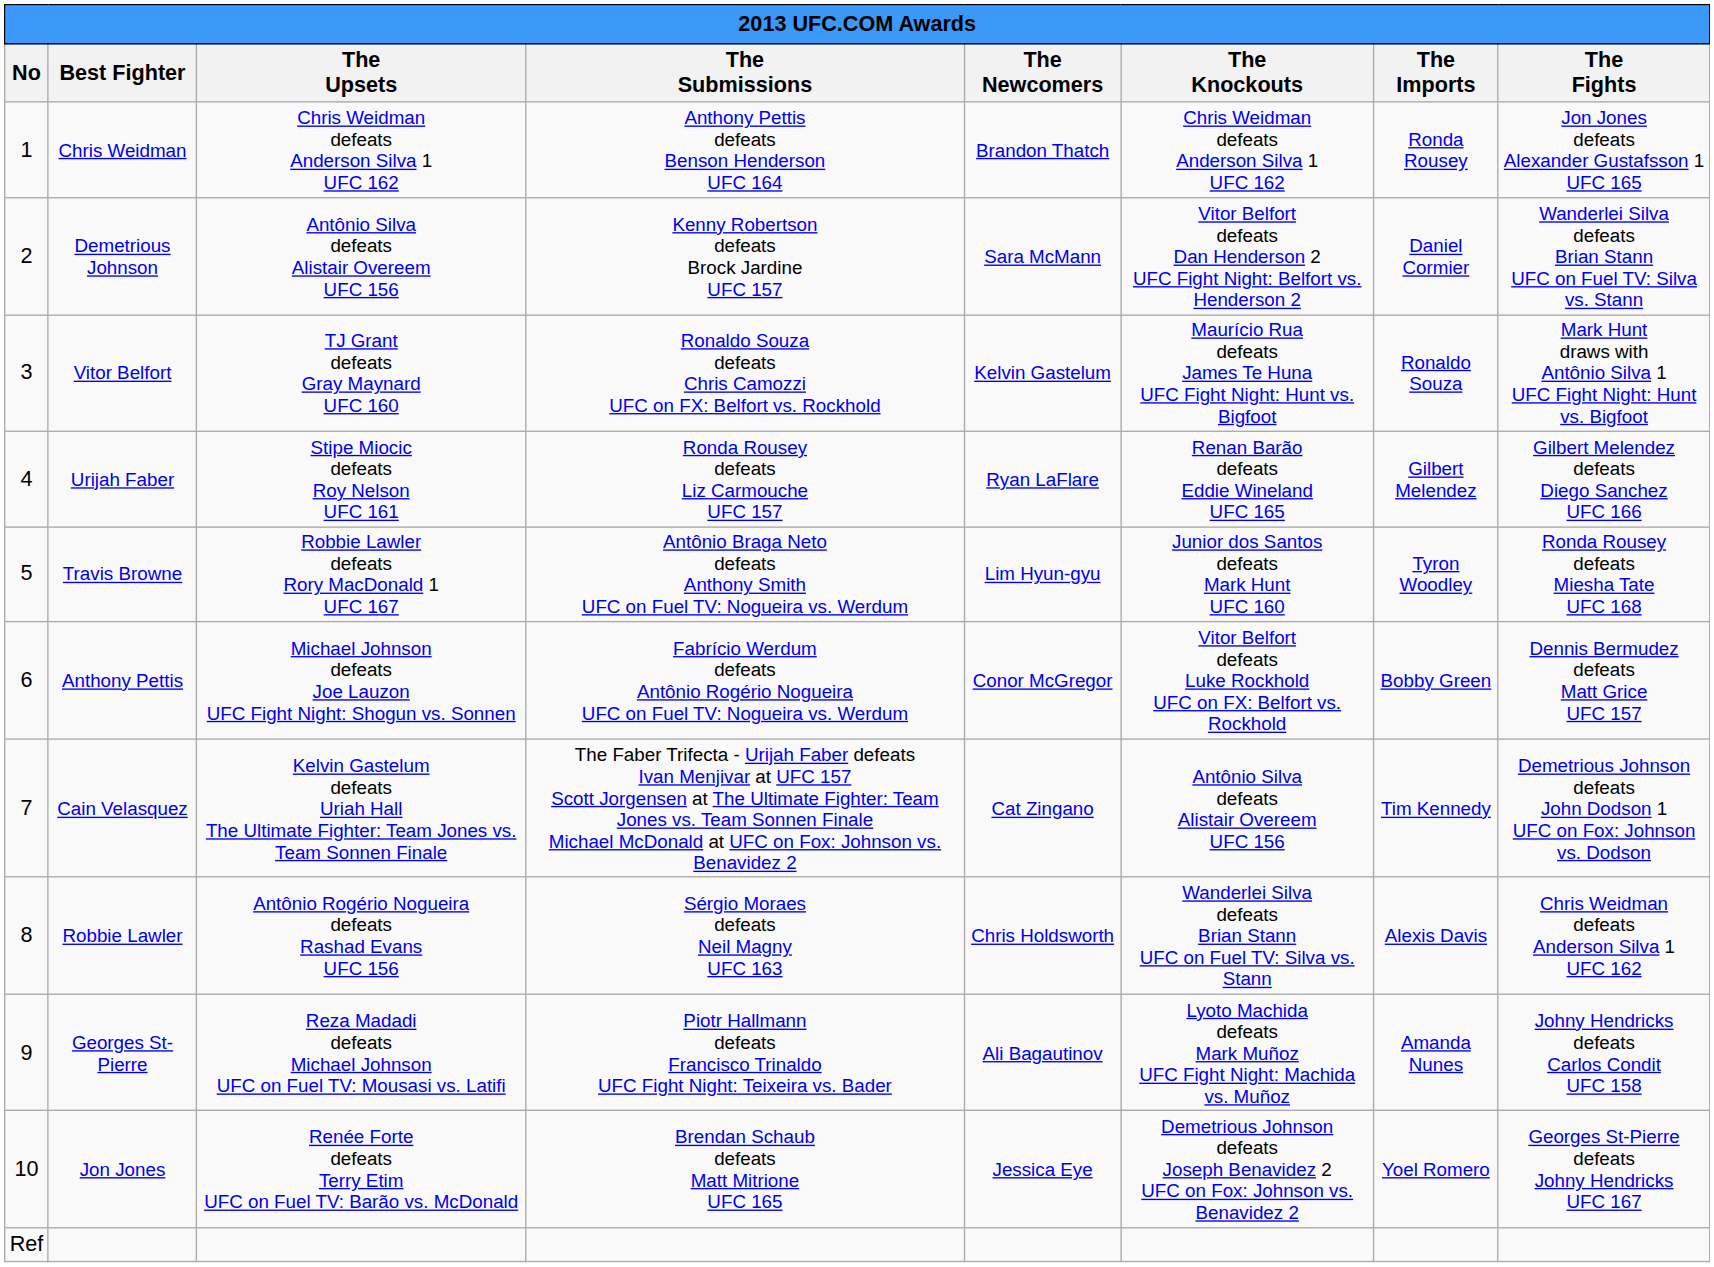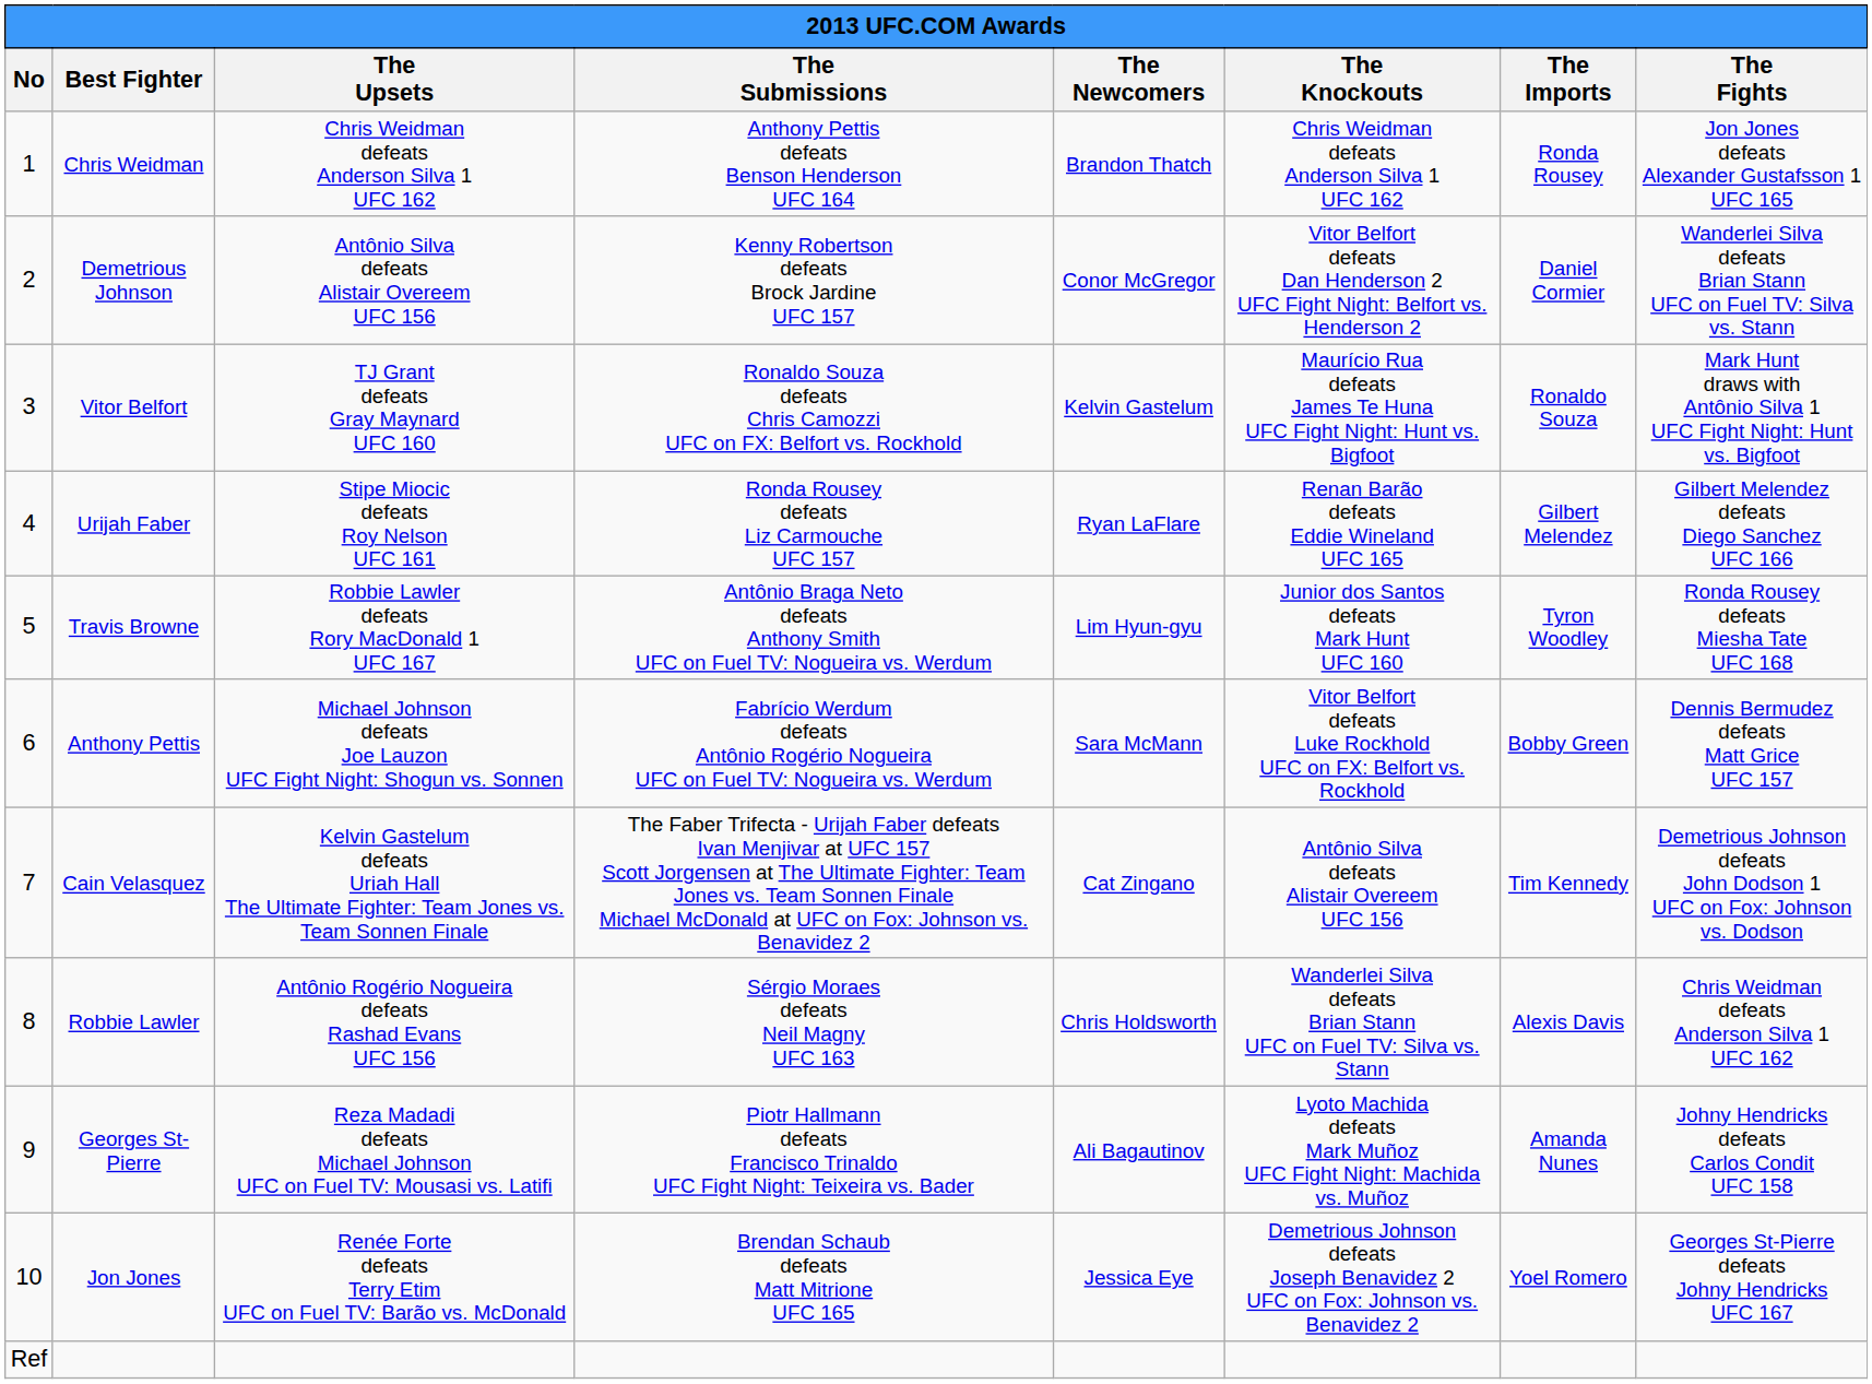 <table class="wikitable" width="100%" style="text-align:Center">
 <tr>
 <th colspan="8" style="border: 1px solid black; padding: 5px; background: #3B99FA;">2013 UFC.COM Awards</th>
 </tr>
 <tr>
 <th>No</th>
 <th>Best Fighter</th>
 <th>The<br>Upsets</th>
 <th>The<br>Submissions</th>
 <th>The Newcomers</th>
 <th>The<br>Knockouts</th>
 <th>The<br>Imports</th>
 <th>The<br>Fights</th>
 </tr>
 <tr>
 <td>1</td>
 <td style="font-size:87%"><a href='#'>Chris Weidman</a></td>
 <td style="font-size:87%"><a href='#'>Chris Weidman</a> <br> defeats <br> <a href='#'>Anderson Silva</a> 1 <br> <a href='#'>UFC 162</a></td>
 <td style="font-size:87%"><a href='#'>Anthony Pettis</a> <br> defeats <br> <a href='#'>Benson Henderson</a> <br> <a href='#'>UFC 164</a></td>
 <td style="font-size:87%"><a href='#'>Brandon Thatch</a></td>
 <td style="font-size:87%"><a href='#'>Chris Weidman</a> <br> defeats <br> <a href='#'>Anderson Silva</a> 1 <br> <a href='#'>UFC 162</a></td>
 <td style="font-size:87%"><a href='#'>Ronda Rousey</a></td>
 <td style="font-size:87%"><a href='#'>Jon Jones</a> <br> defeats <br> <a href='#'>Alexander Gustafsson</a> 1 <br> <a href='#'>UFC 165</a></td>
 </tr>
 <tr>
 <td>2</td>
 <td style="font-size:87%"><a href='#'>Demetrious Johnson</a></td>
 <td style="font-size:87%"><a href='#'>Antônio Silva</a> <br> defeats  <br> <a href='#'>Alistair Overeem</a> <br> <a href='#'>UFC 156</a></td>
 <td style="font-size:87%"><a href='#'>Kenny Robertson</a> <br> defeats  <br> Brock Jardine <br> <a href='#'>UFC 157</a></td>
-<td style="font-size:87%"><a href='#'>Sara McMann</a></td>
+<td style="font-size:87%"><a href='#'>Conor McGregor</a></td>
 <td style="font-size:87%"><a href='#'>Vitor Belfort</a> <br> defeats <br> <a href='#'>Dan Henderson</a> 2 <br> <a href='#'>UFC Fight Night: Belfort vs. Henderson 2</a></td>
 <td style="font-size:87%"><a href='#'>Daniel Cormier</a></td>
 <td style="font-size:87%"><a href='#'>Wanderlei Silva</a> <br> defeats <br> <a href='#'>Brian Stann</a> <br> <a href='#'>UFC on Fuel TV: Silva vs. Stann</a></td>
 </tr>
 <tr>
 <td>3</td>
 <td style="font-size:87%"><a href='#'>Vitor Belfort</a></td>
 <td style="font-size:87%"><a href='#'>TJ Grant</a> <br> defeats  <br> <a href='#'>Gray Maynard</a> <br> <a href='#'>UFC  160</a></td>
 <td style="font-size:87%"><a href='#'>Ronaldo Souza</a> <br> defeats  <br> <a href='#'>Chris Camozzi</a> <br> <a href='#'>UFC on FX: Belfort vs. Rockhold</a></td>
 <td style="font-size:87%"><a href='#'>Kelvin Gastelum</a></td>
 <td style="font-size:87%"><a href='#'>Maurício Rua</a> <br> defeats <br> <a href='#'>James Te Huna</a> <br> <a href='#'>UFC Fight Night: Hunt vs. Bigfoot</a></td>
 <td style="font-size:87%"><a href='#'>Ronaldo Souza</a></td>
 <td style="font-size:87%"><a href='#'>Mark Hunt</a> <br> draws with <br> <a href='#'>Antônio Silva</a> 1 <br> <a href='#'>UFC Fight Night: Hunt vs. Bigfoot</a></td>
 </tr>
 <tr>
 <td>4</td>
 <td style="font-size:87%"><a href='#'>Urijah Faber</a></td>
 <td style="font-size:87%"><a href='#'>Stipe Miocic</a> <br> defeats <br> <a href='#'>Roy Nelson</a> <br> <a href='#'>UFC 161</a></td>
 <td style="font-size:87%"><a href='#'>Ronda Rousey</a> <br> defeats <br> <a href='#'>Liz Carmouche</a> <br> <a href='#'>UFC 157</a></td>
 <td style="font-size:87%"><a href='#'>Ryan LaFlare</a></td>
 <td style="font-size:87%"><a href='#'>Renan Barão</a> <br> defeats <br> <a href='#'>Eddie Wineland</a> <br> <a href='#'>UFC 165</a></td>
 <td style="font-size:87%"><a href='#'>Gilbert Melendez</a></td>
 <td style="font-size:87%"><a href='#'>Gilbert Melendez</a> <br> defeats <br> <a href='#'>Diego Sanchez</a> <br> <a href='#'>UFC 166</a></td>
 </tr>
 <tr>
 <td>5</td>
 <td style="font-size:87%"><a href='#'>Travis Browne</a></td>
 <td style="font-size:87%"><a href='#'>Robbie Lawler</a> <br> defeats <br> <a href='#'>Rory MacDonald</a> 1<br> <a href='#'>UFC 167</a></td>
 <td style="font-size:87%"><a href='#'>Antônio Braga Neto</a> <br> defeats <br> <a href='#'>Anthony Smith</a> <br> <a href='#'>UFC on Fuel TV: Nogueira vs. Werdum</a></td>
 <td style="font-size:87%"><a href='#'>Lim Hyun-gyu</a></td>
 <td style="font-size:87%"><a href='#'>Junior dos Santos</a> <br> defeats <br> <a href='#'>Mark Hunt</a> <br> <a href='#'>UFC 160</a></td>
 <td style="font-size:87%"><a href='#'>Tyron Woodley</a></td>
 <td style="font-size:87%"><a href='#'>Ronda Rousey</a> <br> defeats <br> <a href='#'>Miesha Tate</a><br> <a href='#'>UFC 168</a></td>
 </tr>
 <tr>
 <td>6</td>
 <td style="font-size:87%"><a href='#'>Anthony Pettis</a></td>
 <td style="font-size:87%"><a href='#'>Michael Johnson</a> <br> defeats <br> <a href='#'>Joe Lauzon</a> <br> <a href='#'>UFC Fight Night: Shogun vs. Sonnen</a></td>
 <td style="font-size:87%"><a href='#'>Fabrício Werdum</a> <br> defeats <br> <a href='#'>Antônio Rogério Nogueira</a> <br> <a href='#'>UFC on Fuel TV: Nogueira vs. Werdum</a></td>
-<td style="font-size:87%"><a href='#'>Conor McGregor</a></td>
+<td style="font-size:87%"><a href='#'>Sara McMann</a></td>
 <td style="font-size:87%"><a href='#'>Vitor Belfort</a> <br> defeats <br> <a href='#'>Luke Rockhold </a> <br> <a href='#'>UFC on FX: Belfort vs. Rockhold</a></td>
 <td style="font-size:87%"><a href='#'>Bobby Green</a></td>
 <td style="font-size:87%"><a href='#'>Dennis Bermudez</a> <br> defeats <br> <a href='#'>Matt Grice</a> <br> <a href='#'>UFC 157</a></td>
 </tr>
 <tr>
 <td>7</td>
 <td style="font-size:87%"><a href='#'>Cain Velasquez</a></td>
 <td style="font-size:87%"><a href='#'>Kelvin Gastelum</a> <br> defeats <br> <a href='#'>Uriah Hall</a> <br> <a href='#'>The Ultimate Fighter: Team Jones vs. Team Sonnen Finale</a></td>
 <td style="font-size:87%">The Faber Trifecta - <a href='#'>Urijah Faber</a> defeats <br> <a href='#'>Ivan Menjivar</a> at <a href='#'>UFC 157</a> <br> <a href='#'>Scott Jorgensen</a> at <a href='#'>The Ultimate Fighter: Team Jones vs. Team Sonnen Finale</a> <br> <a href='#'>Michael McDonald</a> at <a href='#'>UFC on Fox: Johnson vs. Benavidez 2</a></td>
 <td style="font-size:87%"><a href='#'>Cat Zingano</a></td>
 <td style="font-size:87%"><a href='#'>Antônio Silva</a> <br> defeats <br> <a href='#'>Alistair Overeem</a> <br> <a href='#'>UFC 156</a></td>
 <td style="font-size:87%"><a href='#'>Tim Kennedy</a></td>
 <td style="font-size:87%"><a href='#'>Demetrious Johnson</a> <br> defeats <br> <a href='#'>John Dodson</a> 1 <br> <a href='#'>UFC on Fox: Johnson vs. Dodson</a></td>
 </tr>
 <tr>
 <td>8</td>
 <td style="font-size:87%"><a href='#'>Robbie Lawler</a></td>
 <td style="font-size:87%"><a href='#'>Antônio Rogério Nogueira</a> <br> defeats <br> <a href='#'>Rashad Evans</a> <br> <a href='#'>UFC 156</a></td>
 <td style="font-size:87%"><a href='#'>Sérgio Moraes</a> <br> defeats <br> <a href='#'>Neil Magny</a> <br> <a href='#'>UFC 163</a></td>
 <td style="font-size:87%"><a href='#'>Chris Holdsworth</a></td>
 <td style="font-size:87%"><a href='#'>Wanderlei Silva</a> <br> defeats <br> <a href='#'>Brian Stann</a> <br> <a href='#'>UFC on Fuel TV: Silva vs. Stann</a></td>
 <td style="font-size:87%"><a href='#'>Alexis Davis</a></td>
 <td style="font-size:87%"><a href='#'>Chris Weidman</a> <br> defeats <br> <a href='#'>Anderson Silva</a> 1 <br> <a href='#'>UFC 162</a></td>
 </tr>
 <tr>
 <td>9</td>
 <td style="font-size:87%"><a href='#'>Georges St-Pierre</a></td>
 <td style="font-size:87%"><a href='#'>Reza Madadi</a> <br> defeats <br>  <a href='#'>Michael Johnson</a> <br> <a href='#'>UFC on Fuel TV: Mousasi vs. Latifi</a></td>
 <td style="font-size:87%"><a href='#'>Piotr Hallmann</a> <br> defeats <br> <a href='#'>Francisco Trinaldo</a> <br> <a href='#'>UFC Fight Night: Teixeira vs. Bader</a></td>
 <td style="font-size:87%"><a href='#'>Ali Bagautinov</a></td>
 <td style="font-size:87%"><a href='#'>Lyoto Machida</a> <br> defeats <br> <a href='#'>Mark Muñoz</a> <br> <a href='#'>UFC Fight Night: Machida vs. Muñoz</a></td>
 <td style="font-size:87%"><a href='#'>Amanda Nunes</a></td>
 <td style="font-size:87%"><a href='#'>Johny Hendricks</a> <br> defeats <br> <a href='#'>Carlos Condit</a> <br> <a href='#'>UFC 158</a></td>
 </tr>
 <tr>
 <td>10</td>
 <td style="font-size:87%"><a href='#'>Jon Jones</a></td>
 <td style="font-size:87%"><a href='#'>Renée Forte</a> <br> defeats <br> <a href='#'>Terry Etim</a> <br> <a href='#'>UFC on Fuel TV: Barão vs. McDonald</a></td>
 <td style="font-size:87%"><a href='#'>Brendan Schaub</a> <br> defeats <br> <a href='#'>Matt Mitrione</a> <br> <a href='#'>UFC 165</a></td>
 <td style="font-size:87%"><a href='#'>Jessica Eye</a></td>
 <td style="font-size:87%"><a href='#'>Demetrious Johnson</a><br> defeats <br> <a href='#'>Joseph Benavidez</a> 2<br> <a href='#'>UFC on Fox: Johnson vs. Benavidez 2</a></td>
 <td style="font-size:87%"><a href='#'>Yoel Romero</a></td>
 <td style="font-size:87%"><a href='#'>Georges St-Pierre</a> <br> defeats <br> <a href='#'>Johny Hendricks</a> <br> <a href='#'>UFC 167</a></td>
 </tr>
 <tr>
 <td>Ref</td>
 <td></td>
 <td></td>
 <td></td>
 <td></td>
 <td></td>
 <td></td>
 <td></td>
 </tr>
 </table>
